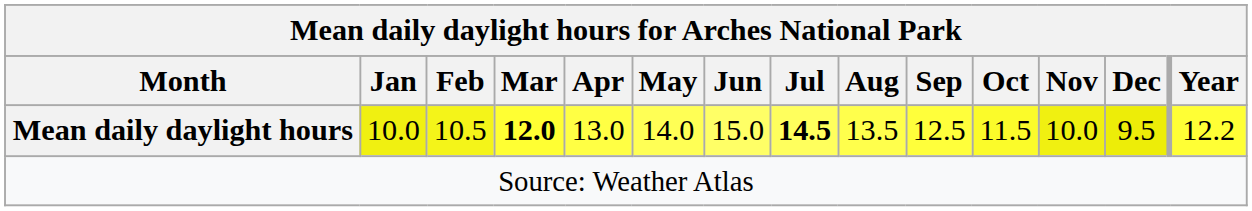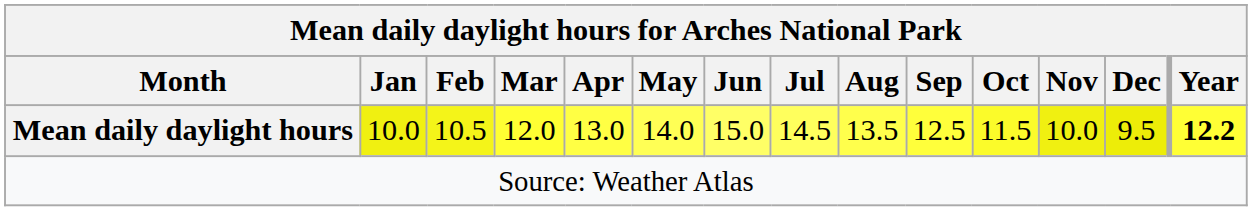 <table style="width:auto;text-align:center;line-height:1.2em;margin-left:auto;margin-right:auto" class="wikitable mw-collapsible mw-collapsed">
 <tr>
 <th Colspan=14>Mean daily daylight hours for Arches National Park</th>
 </tr>
 <tr>
 <th>Month</th>
 <th>Jan</th>
 <th>Feb</th>
 <th>Mar</th>
 <th>Apr</th>
 <th>May</th>
 <th>Jun</th>
 <th>Jul</th>
 <th>Aug</th>
 <th>Sep</th>
 <th>Oct</th>
 <th>Nov</th>
 <th>Dec</th>
 <th style="border-left-width:medium">Year</th>
 </tr>
 <tr>
 <th>Mean daily daylight hours</th>
 <td style="background:#F0F011;color:#000000;">10.0</td>
 <td style="background:#F4F419;color:#000000;">10.5</td>
-<td style="background:#FFFF33;color:#000000;"><strong>12.0</strong></td>
+<td style="background:#FFFF33;color:#000000;">12.0</td>
 <td style="background:#FFFF44;color:#000000;">13.0</td>
 <td style="background:#FFFF55;color:#000000;">14.0</td>
 <td style="background:#FFFF66;color:#000000;">15.0</td>
-<td style="background:#FFFF5D;color:#000000;"><strong>14.5</strong></td>
+<td style="background:#FFFF5D;color:#000000;">14.5</td>
 <td style="background:#FFFF4C;color:#000000;">13.5</td>
 <td style="background:#FFFF3B;color:#000000;">12.5</td>
 <td style="background:#FBFB2A;color:#000000;">11.5</td>
 <td style="background:#F0F011;color:#000000;">10.0</td>
 <td style="background:#EDED08;color:#000000;">9.5</td>
-<td style="background:#FFFF35;color:#000000;border-left-width:medium">12.2</td>
+<td style="background:#FFFF35;color:#000000;border-left-width:medium"><strong>12.2</strong></td>
 </tr>
 <tr>
 <th Colspan=14 style="background:#f8f9fa;font-weight:normal;font-size:95%;">Source: Weather Atlas </th>
 </tr>
 </table>
